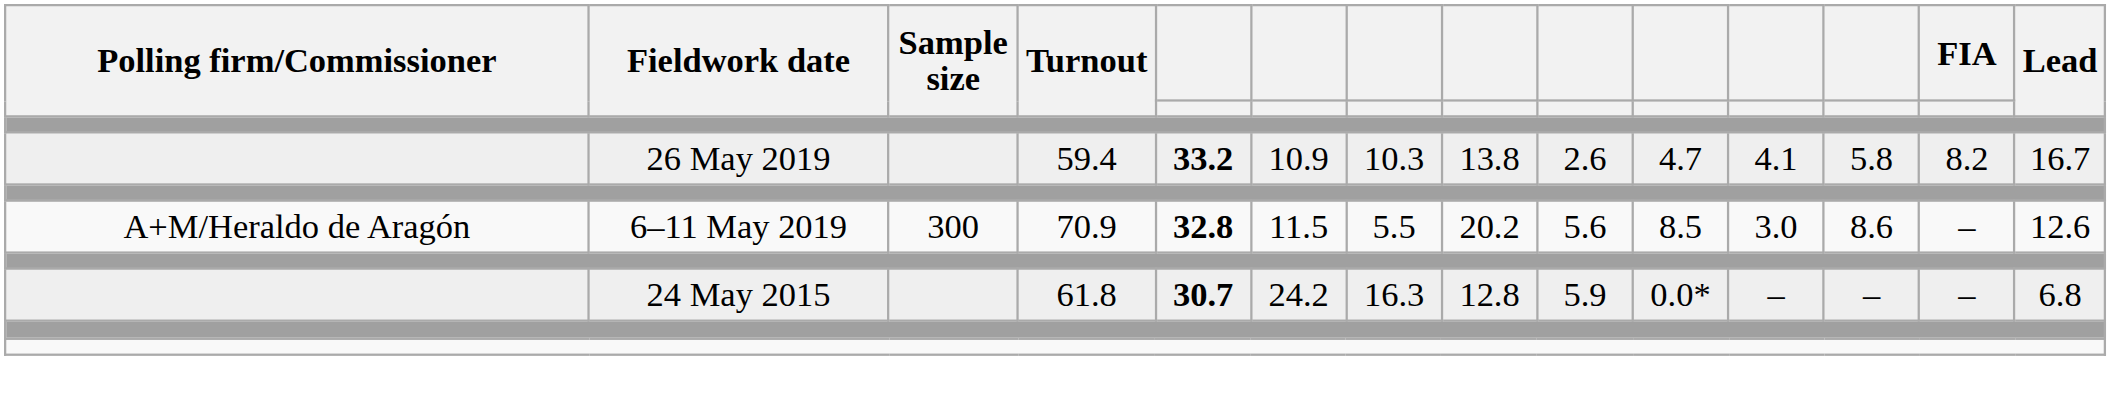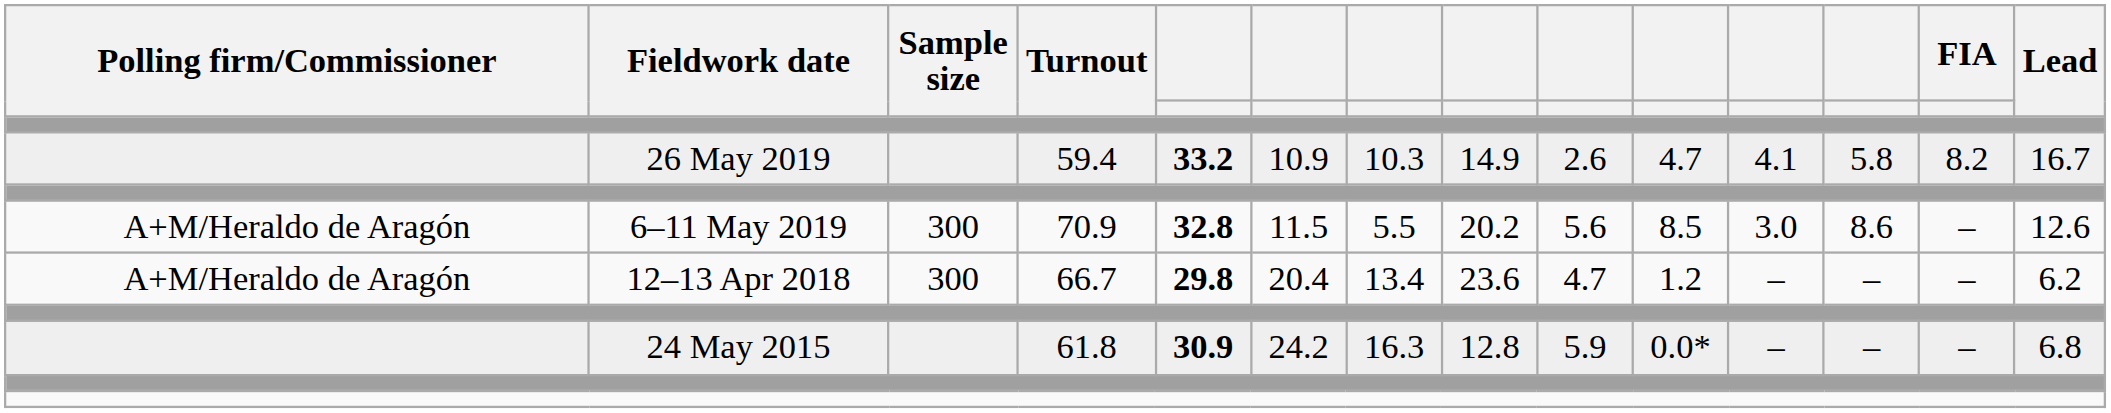 <table class="wikitable collapsible collapsed" style="text-align:center; font-size:95%; line-height:16px;">
 <tr style="height:42px;">
 <th style="width:250px;" rowspan="2">Polling firm/Commissioner</th>
 <th style="width:125px;" rowspan="2">Fieldwork date</th>
 <th style="width:50px;" rowspan="2">Sample size</th>
 <th style="width:45px;" rowspan="2">Turnout</th>
 <th style="width:35px;"></th>
 <th style="width:35px;"></th>
 <th style="width:35px;"></th>
 <th style="width:35px;"></th>
 <th style="width:35px;"></th>
 <th style="width:35px;"></th>
 <th style="width:35px;"></th>
 <th style="width:35px;"></th>
 <th style="width:35px;">FIA</th>
 <th style="width:30px;" rowspan="2">Lead</th>
 </tr>
 <tr>
 <th style="color:inherit;background:"></th>
 <th style="color:inherit;background:"></th>
 <th style="color:inherit;background:"></th>
 <th style="color:inherit;background:"></th>
 <th style="color:inherit;background:"></th>
 <th style="color:inherit;background:"></th>
 <th style="color:inherit;background:"></th>
 <th style="color:inherit;background:"></th>
 <th style="color:inherit;background:"></th>
 </tr>
 <tr>
 <td colspan="14" style="background:#A0A0A0"></td>
 </tr>
 <tr style="background:#EFEFEF;">
 <td><strong></strong></td>
 <td>26 May 2019</td>
 <td></td>
 <td>59.4</td>
 <td><strong>33.2</strong><br></td>
 <td>10.9<br></td>
 <td>10.3<br></td>
-<td>13.8<br></td>
+<td>14.9<br></td>
 <td>2.6<br></td>
 <td>4.7<br></td>
 <td>4.1<br></td>
 <td>5.8<br></td>
 <td>8.2<br></td>
 <td style="background:">16.7</td>
 </tr>
 <tr>
 <td colspan="14" style="background:#A0A0A0"></td>
 </tr>
 <tr>
 <td>A+M/Heraldo de Aragón</td>
 <td>6–11 May 2019</td>
 <td>300</td>
 <td>70.9</td>
 <td><strong>32.8</strong><br></td>
 <td>11.5<br></td>
 <td>5.5<br></td>
 <td>20.2<br></td>
 <td>5.6<br></td>
 <td>8.5<br></td>
 <td>3.0<br></td>
 <td>8.6<br></td>
 <td>–</td>
 <td style="background:">12.6</td>
 </tr>
 <tr>
+<td>A+M/Heraldo de Aragón</td>
+<td>12–13 Apr 2018</td>
+<td>300</td>
+<td>66.7</td>
+<td><strong>29.8</strong><br></td>
+<td>20.4<br></td>
+<td>13.4<br></td>
+<td>23.6<br></td>
+<td>4.7<br></td>
+<td>1.2<br></td>
+<td>–</td>
+<td>–</td>
+<td>–</td>
+<td style="background:">6.2</td>
+</tr>
+<tr>
 <td colspan="14" style="background:#A0A0A0"></td>
 </tr>
 <tr style="background:#EFEFEF;">
 <td><strong></strong></td>
 <td>24 May 2015</td>
 <td></td>
 <td>61.8</td>
-<td><strong>30.7</strong><br></td>
+<td><strong>30.9</strong><br></td>
 <td>24.2<br></td>
 <td>16.3<br></td>
 <td>12.8<br></td>
 <td>5.9<br></td>
 <td>0.0*<br></td>
 <td>–</td>
 <td>–</td>
 <td>–</td>
 <td style="background:">6.8</td>
 </tr>
 <tr>
 <td colspan="14" style="background:#A0A0A0"></td>
 </tr>
 <tr>
 <td align="left" colspan="14"></td>
 </tr>
 </table>
